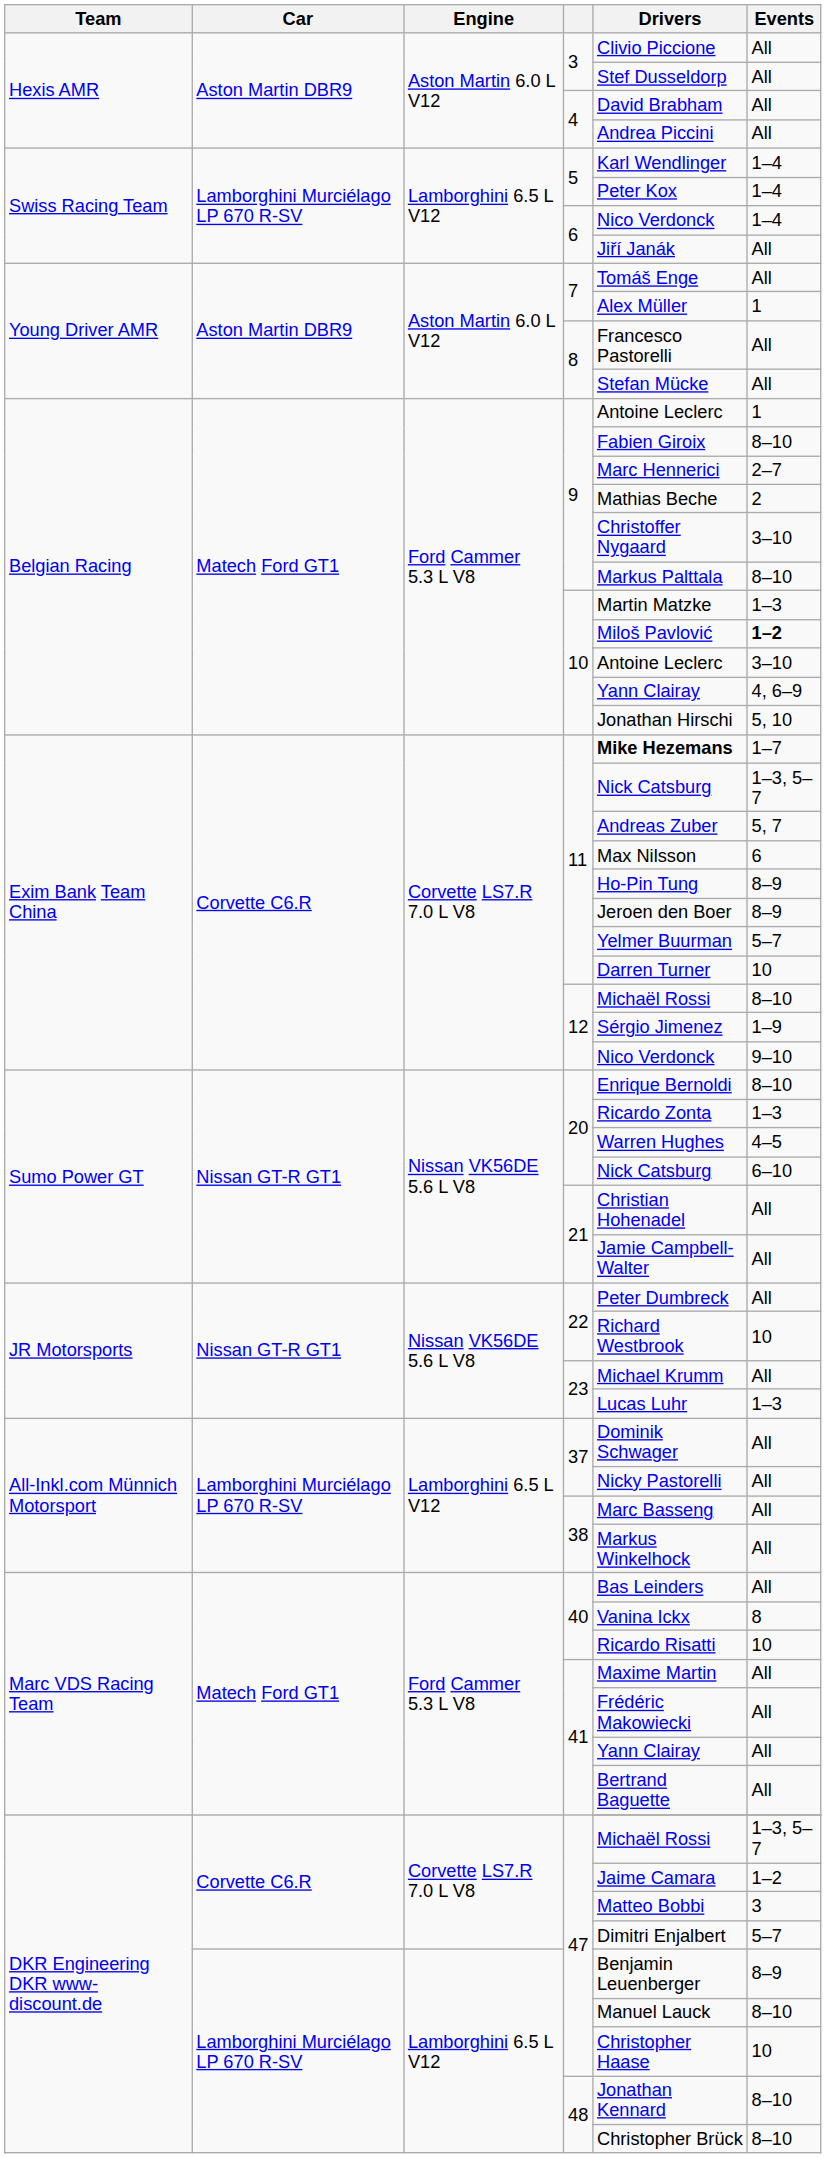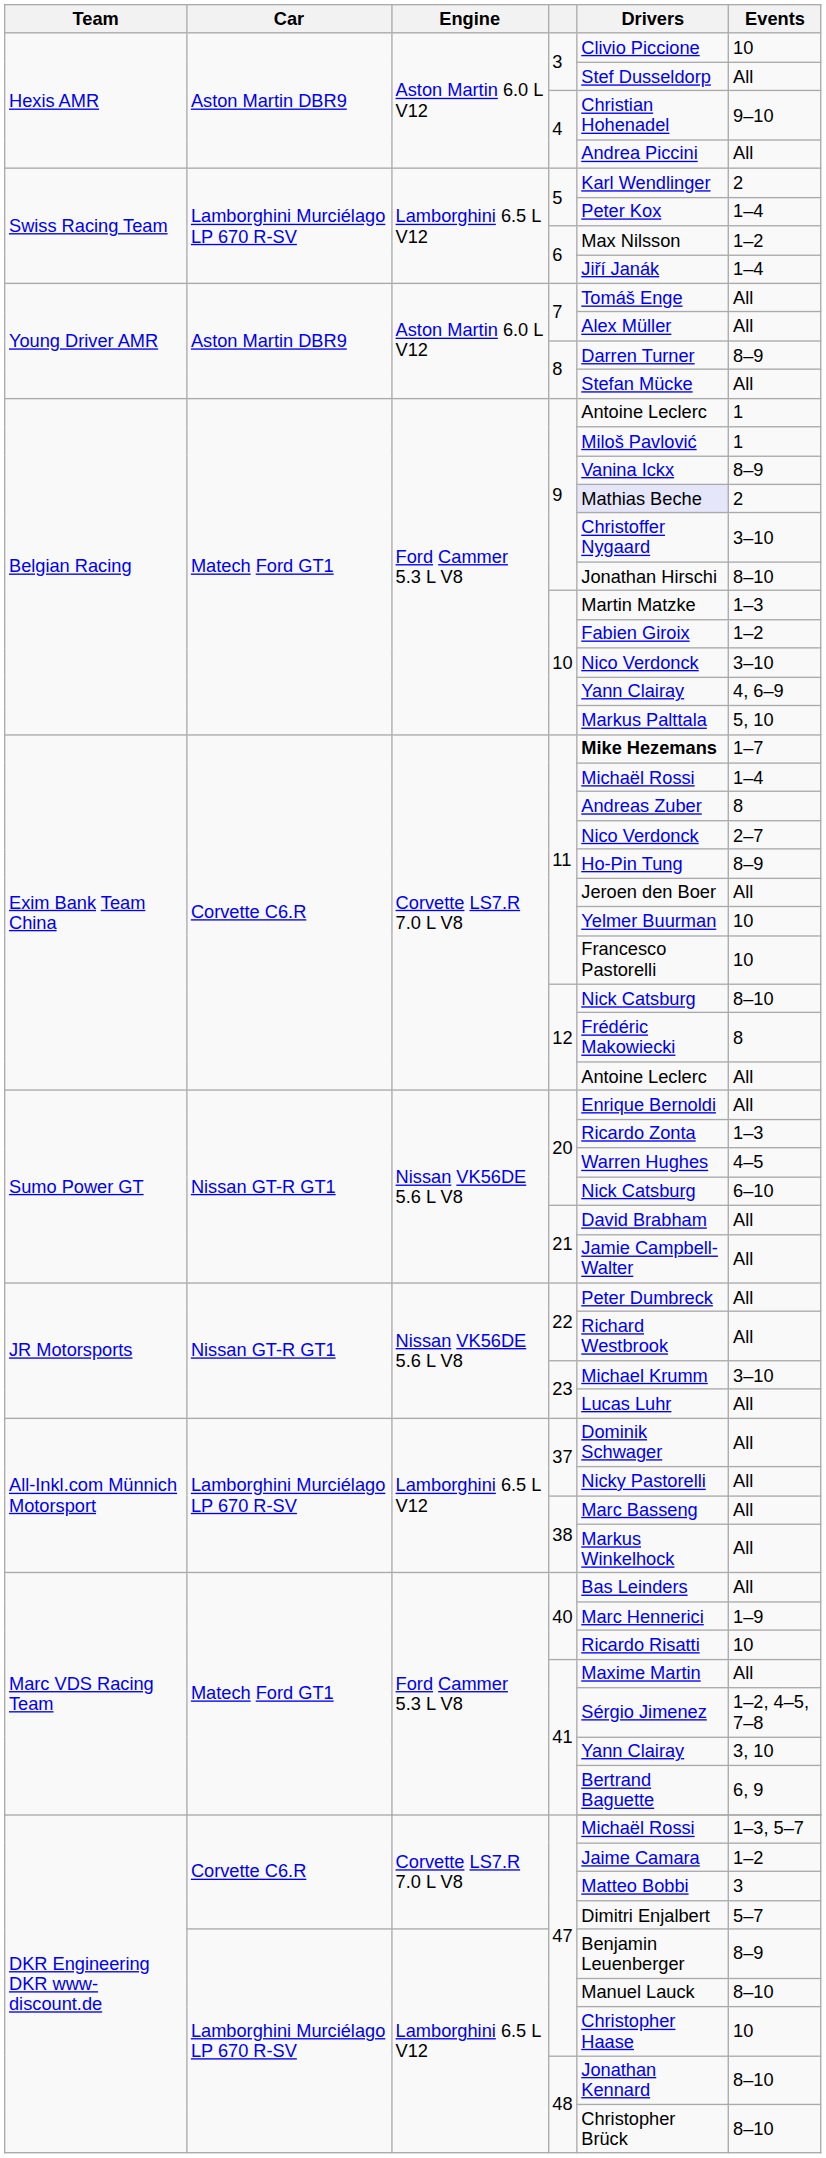 <table class="wikitable" style="font-size: 85%;">
 <tr>
 <th>Team</th>
 <th>Car</th>
 <th>Engine</th>
 <th></th>
 <th>Drivers</th>
 <th>Events</th>
 </tr>
 <tr>
 <td rowspan=4> <a href='#'>Hexis AMR</a></td>
 <td rowspan=4><a href='#'>Aston Martin DBR9</a></td>
 <td rowspan=4><a href='#'>Aston Martin</a> 6.0 L V12</td>
 <td rowspan=2>3</td>
 <td> <a href='#'>Clivio Piccione</a></td>
-<td>All</td>
+<td>10</td>
 </tr>
 <tr>
 <td> <a href='#'>Stef Dusseldorp</a></td>
 <td>All</td>
 </tr>
 <tr>
 <td rowspan=2>4</td>
-<td> <a href='#'>David Brabham</a></td>
-<td>All</td>
+<td> <a href='#'>Christian Hohenadel</a></td>
+<td>9–10</td>
 </tr>
 <tr>
 <td> <a href='#'>Andrea Piccini</a></td>
 <td>All</td>
 </tr>
 <tr>
 <td rowspan=4> <a href='#'>Swiss Racing Team</a></td>
 <td rowspan=4><a href='#'>Lamborghini Murciélago LP 670 R-SV</a></td>
 <td rowspan=4><a href='#'>Lamborghini</a> 6.5 L V12</td>
 <td rowspan=2>5</td>
 <td> <a href='#'>Karl Wendlinger</a></td>
-<td>1–4</td>
+<td>2</td>
 </tr>
 <tr>
 <td> <a href='#'>Peter Kox</a></td>
 <td>1–4</td>
 </tr>
 <tr>
 <td rowspan=2>6</td>
-<td> <a href='#'>Nico Verdonck</a></td>
-<td>1–4</td>
+<td> Max Nilsson</td>
+<td>1–2</td>
 </tr>
 <tr>
 <td> <a href='#'>Jiří Janák</a></td>
-<td>All</td>
+<td>1–4</td>
 </tr>
 <tr>
 <td rowspan=4> <a href='#'>Young Driver AMR</a></td>
 <td rowspan=4><a href='#'>Aston Martin DBR9</a></td>
 <td rowspan=4><a href='#'>Aston Martin</a> 6.0 L V12</td>
 <td rowspan=2>7</td>
 <td> <a href='#'>Tomáš Enge</a></td>
 <td>All</td>
 </tr>
 <tr>
 <td> <a href='#'>Alex Müller</a></td>
-<td>1</td>
+<td>All</td>
 </tr>
 <tr>
 <td rowspan=2>8</td>
-<td> Francesco Pastorelli</td>
-<td>All</td>
+<td> <a href='#'>Darren Turner</a></td>
+<td>8–9</td>
 </tr>
 <tr>
 <td> <a href='#'>Stefan Mücke</a></td>
 <td>All</td>
 </tr>
 <tr>
 <td rowspan=11> <a href='#'>Belgian Racing</a></td>
 <td rowspan=11><a href='#'>Matech</a> <a href='#'>Ford GT1</a></td>
 <td rowspan=11><a href='#'>Ford</a> <a href='#'>Cammer</a> 5.3 L V8</td>
 <td rowspan=6>9</td>
 <td> Antoine Leclerc</td>
 <td>1</td>
 </tr>
 <tr>
-<td> <a href='#'>Fabien Giroix</a></td>
-<td>8–10</td>
+<td> <a href='#'>Miloš Pavlović</a></td>
+<td>1</td>
 </tr>
 <tr>
-<td> <a href='#'>Marc Hennerici</a></td>
-<td>2–7</td>
+<td> <a href='#'>Vanina Ickx</a></td>
+<td>8–9</td>
 </tr>
 <tr>
-<td> Mathias Beche</td>
+<td style="background: lavender;"> Mathias Beche</td>
 <td>2</td>
 </tr>
 <tr>
 <td> <a href='#'>Christoffer Nygaard</a></td>
 <td>3–10</td>
 </tr>
 <tr>
-<td> <a href='#'>Markus Palttala</a></td>
+<td> Jonathan Hirschi</td>
 <td>8–10</td>
 </tr>
 <tr>
 <td rowspan=5>10</td>
 <td> Martin Matzke</td>
 <td>1–3</td>
 </tr>
 <tr>
-<td> <a href='#'>Miloš Pavlović</a></td>
-<td><strong>1–2</strong></td>
+<td> <a href='#'>Fabien Giroix</a></td>
+<td>1–2</td>
 </tr>
 <tr>
-<td> Antoine Leclerc</td>
+<td> <a href='#'>Nico Verdonck</a></td>
 <td>3–10</td>
 </tr>
 <tr>
 <td> <a href='#'>Yann Clairay</a></td>
 <td>4, 6–9</td>
 </tr>
 <tr>
-<td> Jonathan Hirschi</td>
+<td> <a href='#'>Markus Palttala</a></td>
 <td>5, 10</td>
 </tr>
 <tr>
 <td rowspan=11> <a href='#'>Exim Bank</a> <a href='#'>Team China</a></td>
 <td rowspan=11><a href='#'>Corvette C6.R</a></td>
 <td rowspan=11><a href='#'>Corvette</a> <a href='#'>LS7.R</a> 7.0 L V8</td>
 <td rowspan=8>11</td>
 <td><strong> Mike Hezemans</strong></td>
 <td>1–7</td>
 </tr>
 <tr>
-<td> <a href='#'>Nick Catsburg</a></td>
-<td>1–3, 5–7</td>
+<td> <a href='#'>Michaël Rossi</a></td>
+<td>1–4</td>
 </tr>
 <tr>
 <td> <a href='#'>Andreas Zuber</a></td>
-<td>5, 7</td>
+<td>8</td>
 </tr>
 <tr>
-<td> Max Nilsson</td>
-<td>6</td>
+<td> <a href='#'>Nico Verdonck</a></td>
+<td>2–7</td>
 </tr>
 <tr>
 <td> <a href='#'>Ho-Pin Tung</a></td>
 <td>8–9</td>
 </tr>
 <tr>
 <td> Jeroen den Boer</td>
-<td>8–9</td>
+<td>All</td>
 </tr>
 <tr>
 <td> <a href='#'>Yelmer Buurman</a></td>
-<td>5–7</td>
+<td>10</td>
 </tr>
 <tr>
-<td> <a href='#'>Darren Turner</a></td>
+<td> Francesco Pastorelli</td>
 <td>10</td>
 </tr>
 <tr>
 <td rowspan=3>12</td>
-<td> <a href='#'>Michaël Rossi</a></td>
+<td> <a href='#'>Nick Catsburg</a></td>
 <td>8–10</td>
 </tr>
 <tr>
-<td> <a href='#'>Sérgio Jimenez</a></td>
-<td>1–9</td>
+<td> <a href='#'>Frédéric Makowiecki</a></td>
+<td>8</td>
 </tr>
 <tr>
-<td> <a href='#'>Nico Verdonck</a></td>
-<td>9–10</td>
+<td> Antoine Leclerc</td>
+<td>All</td>
 </tr>
 <tr>
 <td rowspan=6> <a href='#'>Sumo Power GT</a></td>
 <td rowspan=6><a href='#'>Nissan GT-R GT1</a></td>
 <td rowspan=6><a href='#'>Nissan</a> <a href='#'>VK56DE</a> 5.6 L V8</td>
 <td rowspan=4>20</td>
 <td> <a href='#'>Enrique Bernoldi</a></td>
-<td>8–10</td>
+<td>All</td>
 </tr>
 <tr>
 <td> <a href='#'>Ricardo Zonta</a></td>
 <td>1–3</td>
 </tr>
 <tr>
 <td> <a href='#'>Warren Hughes</a></td>
 <td>4–5</td>
 </tr>
 <tr>
 <td> <a href='#'>Nick Catsburg</a></td>
 <td>6–10</td>
 </tr>
 <tr>
 <td rowspan=2>21</td>
-<td> <a href='#'>Christian Hohenadel</a></td>
+<td> <a href='#'>David Brabham</a></td>
 <td>All</td>
 </tr>
 <tr>
 <td> <a href='#'>Jamie Campbell-Walter</a></td>
 <td>All</td>
 </tr>
 <tr>
 <td rowspan=4> <a href='#'>JR Motorsports</a></td>
 <td rowspan=4><a href='#'>Nissan GT-R GT1</a></td>
 <td rowspan=4><a href='#'>Nissan</a> <a href='#'>VK56DE</a> 5.6 L V8</td>
 <td rowspan=2>22</td>
 <td> <a href='#'>Peter Dumbreck</a></td>
 <td>All</td>
 </tr>
 <tr>
 <td> <a href='#'>Richard Westbrook</a></td>
-<td>10</td>
+<td>All</td>
 </tr>
 <tr>
 <td rowspan=2>23</td>
 <td> <a href='#'>Michael Krumm</a></td>
-<td>All</td>
+<td>3–10</td>
 </tr>
 <tr>
 <td> <a href='#'>Lucas Luhr</a></td>
-<td>1–3</td>
+<td>All</td>
 </tr>
 <tr>
 <td rowspan=4> <a href='#'>All-Inkl.com Münnich Motorsport</a></td>
 <td rowspan=4><a href='#'>Lamborghini Murciélago LP 670 R-SV</a></td>
 <td rowspan=4><a href='#'>Lamborghini</a> 6.5 L V12</td>
 <td rowspan=2>37</td>
 <td> <a href='#'>Dominik Schwager</a></td>
 <td>All</td>
 </tr>
 <tr>
 <td> <a href='#'>Nicky Pastorelli</a></td>
 <td>All</td>
 </tr>
 <tr>
 <td rowspan=2>38</td>
 <td> <a href='#'>Marc Basseng</a></td>
 <td>All</td>
 </tr>
 <tr>
 <td> <a href='#'>Markus Winkelhock</a></td>
 <td>All</td>
 </tr>
 <tr>
 <td rowspan=7> <a href='#'>Marc VDS Racing Team</a></td>
 <td rowspan=7><a href='#'>Matech</a> <a href='#'>Ford GT1</a></td>
 <td rowspan=7><a href='#'>Ford</a> <a href='#'>Cammer</a> 5.3 L V8</td>
 <td rowspan=3>40</td>
 <td> <a href='#'>Bas Leinders</a></td>
 <td>All</td>
 </tr>
 <tr>
-<td> <a href='#'>Vanina Ickx</a></td>
-<td>8</td>
+<td> <a href='#'>Marc Hennerici</a></td>
+<td>1–9</td>
 </tr>
 <tr>
 <td> <a href='#'>Ricardo Risatti</a></td>
 <td>10</td>
 </tr>
 <tr>
 <td rowspan=4>41</td>
 <td> <a href='#'>Maxime Martin</a></td>
 <td>All</td>
 </tr>
 <tr>
-<td> <a href='#'>Frédéric Makowiecki</a></td>
-<td>All</td>
+<td> <a href='#'>Sérgio Jimenez</a></td>
+<td>1–2, 4–5, 7–8</td>
 </tr>
 <tr>
 <td> <a href='#'>Yann Clairay</a></td>
-<td>All</td>
+<td>3, 10</td>
 </tr>
 <tr>
 <td> <a href='#'>Bertrand Baguette</a></td>
-<td>All</td>
+<td>6, 9</td>
 </tr>
 <tr>
 <td rowspan=10> <a href='#'>DKR Engineering</a><br> <a href='#'>DKR www-discount.de</a></td>
 <td rowspan=5><a href='#'>Corvette C6.R</a></td>
 <td rowspan=5><a href='#'>Corvette</a> <a href='#'>LS7.R</a> 7.0 L V8</td>
 <td rowspan=8>47</td>
 </tr>
 <tr>
 <td> <a href='#'>Michaël Rossi</a></td>
 <td>1–3, 5–7</td>
 </tr>
 <tr>
 <td> <a href='#'>Jaime Camara</a></td>
 <td>1–2</td>
 </tr>
 <tr>
 <td> <a href='#'>Matteo Bobbi</a></td>
 <td>3</td>
 </tr>
 <tr>
 <td> Dimitri Enjalbert</td>
 <td>5–7</td>
 </tr>
 <tr>
 <td rowspan=5><a href='#'>Lamborghini Murciélago LP 670 R-SV</a></td>
 <td rowspan=5><a href='#'>Lamborghini</a> 6.5 L V12</td>
 <td> Benjamin Leuenberger</td>
 <td>8–9</td>
 </tr>
 <tr>
 <td> Manuel Lauck</td>
 <td>8–10</td>
 </tr>
 <tr>
 <td> <a href='#'>Christopher Haase</a></td>
 <td>10</td>
 </tr>
 <tr>
 <td rowspan=2>48</td>
 <td> <a href='#'>Jonathan Kennard</a></td>
 <td>8–10</td>
 </tr>
 <tr>
 <td> Christopher Brück</td>
 <td>8–10</td>
 </tr>
 </table>
